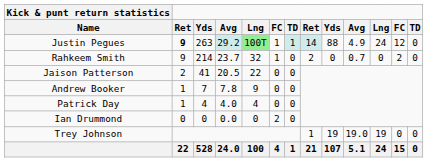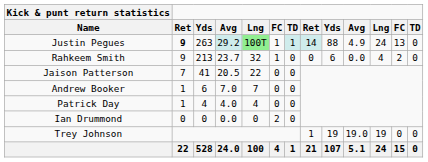 <table class="wikitable sortable" style="text-align:center;">
 <tr>
 <th style="text-align:center; ">Kick & punt return statistics</th>
 </tr>
 <tr>
 <th>Name</th>
 <th>Ret</th>
 <th>Yds</th>
 <th>Avg</th>
 <th>Lng</th>
 <th>FC</th>
 <th>TD</th>
 <th>Ret</th>
 <th>Yds</th>
 <th>Avg</th>
 <th>Lng</th>
 <th>FC</th>
 <th>TD</th>
 </tr>
 <tr>
 <td>Justin Pegues</td>
 <td><strong>9</strong></td>
 <td>263</td>
 <td style="background:#cfecec;">29.2</td>
 <td bgcolor=lightgreen>100T</td>
 <td>1</td>
 <td style="background:#cfecec;">1</td>
 <td style="background:#cfecec;">14</td>
 <td>88</td>
 <td>4.9</td>
 <td>24</td>
-<td>12</td>
+<td>13</td>
 <td>0</td>
 </tr>
 <tr>
 <td>Rahkeem Smith</td>
 <td>9</td>
-<td>214</td>
+<td>213</td>
 <td>23.7</td>
 <td>32</td>
 <td>1</td>
 <td>0</td>
-<td>2</td>
 <td>0</td>
-<td>0.7</td>
-<td>0</td>
+<td>6</td>
+<td>0.0</td>
+<td>4</td>
 <td>2</td>
 <td>0</td>
 </tr>
 <tr>
 <td>Jaison Patterson</td>
-<td>2</td>
+<td>7</td>
 <td>41</td>
 <td>20.5</td>
 <td>22</td>
 <td>0</td>
 <td>0</td>
 </tr>
 <tr>
 <td>Andrew Booker</td>
 <td>1</td>
+<td>6</td>
+<td>7.0</td>
 <td>7</td>
-<td>7.8</td>
-<td>9</td>
 <td>0</td>
 <td>0</td>
 </tr>
 <tr>
 <td>Patrick Day</td>
 <td>1</td>
 <td>4</td>
 <td>4.0</td>
 <td>4</td>
 <td>0</td>
 <td>0</td>
 </tr>
 <tr>
 <td>Ian Drummond</td>
 <td>0</td>
 <td>0</td>
 <td>0.0</td>
 <td>0</td>
 <td>2</td>
 <td>0</td>
 </tr>
 <tr>
 <td>Trey Johnson</td>
 <td colspan="6"></td>
 <td>1</td>
 <td>19</td>
 <td>19.0</td>
 <td>19</td>
 <td>0</td>
 <td>0</td>
 </tr>
 <tr>
 <th colspan="1"></th>
 <th>22</th>
 <th>528</th>
 <th>24.0</th>
 <th>100</th>
 <th>4</th>
 <th>1</th>
 <th>21</th>
 <th>107</th>
 <th>5.1</th>
 <th>24</th>
 <th>15</th>
 <th>0</th>
 </tr>
 </table>
